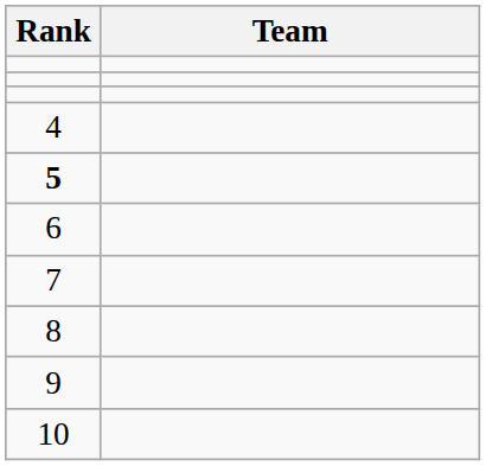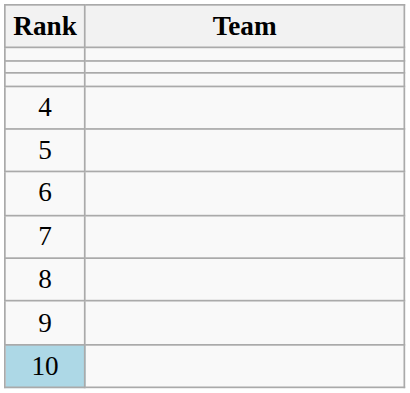 <table class="wikitable" style="text-align: center;">
 <tr>
 <th width=40>Rank</th>
 <th width=180>Team</th>
 </tr>
 <tr>
 <td></td>
 <td align=left></td>
 </tr>
 <tr>
 <td></td>
 <td align=left></td>
 </tr>
 <tr>
 <td></td>
 <td align=left></td>
 </tr>
 <tr>
 <td>4</td>
 <td align=left></td>
 </tr>
 <tr>
-<td><strong>5</strong></td>
+<td>5</td>
 <td align=left></td>
 </tr>
 <tr>
 <td>6</td>
 <td align=left></td>
 </tr>
 <tr>
 <td>7</td>
 <td align=left></td>
 </tr>
 <tr>
 <td>8</td>
 <td align=left></td>
 </tr>
 <tr>
 <td>9</td>
 <td align=left></td>
 </tr>
 <tr>
-<td>10</td>
+<td style="background: lightblue;">10</td>
 <td align=left></td>
 </tr>
 </table>
